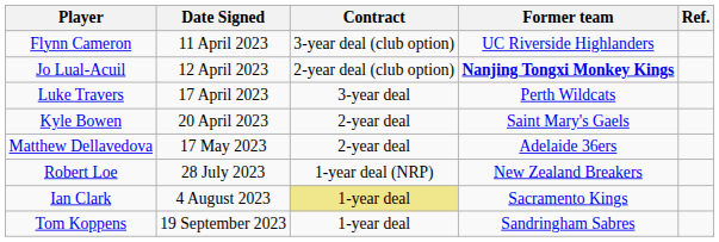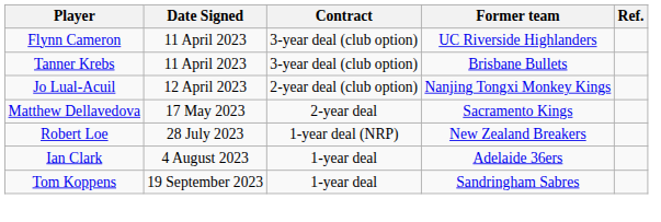 <table class="wikitable sortable sortable" style="text-align: center">
 <tr>
 <th>Player</th>
 <th>Date Signed</th>
 <th>Contract</th>
 <th>Former team</th>
 <th>Ref.</th>
 </tr>
 <tr>
 <td><a href='#'>Flynn Cameron</a></td>
 <td>11 April 2023</td>
 <td>3-year deal (club option)</td>
 <td><a href='#'>UC Riverside Highlanders</a></td>
 <td></td>
 </tr>
 <tr>
+<td><a href='#'>Tanner Krebs</a></td>
+<td>11 April 2023</td>
+<td>3-year deal (club option)</td>
+<td><a href='#'>Brisbane Bullets</a></td>
+<td></td>
+</tr>
+<tr>
 <td><a href='#'>Jo Lual-Acuil</a></td>
 <td>12 April 2023</td>
 <td>2-year deal (club option)</td>
-<td><strong><a href='#'>Nanjing Tongxi Monkey Kings</a></strong></td>
-<td></td>
-</tr>
-<tr>
-<td><a href='#'>Luke Travers</a></td>
-<td>17 April 2023</td>
-<td>3-year deal</td>
-<td><a href='#'>Perth Wildcats</a></td>
-<td></td>
-</tr>
-<tr>
-<td><a href='#'>Kyle Bowen</a></td>
-<td>20 April 2023</td>
-<td>2-year deal</td>
-<td><a href='#'>Saint Mary's Gaels</a></td>
+<td><a href='#'>Nanjing Tongxi Monkey Kings</a></td>
 <td></td>
 </tr>
 <tr>
 <td><a href='#'>Matthew Dellavedova</a></td>
 <td>17 May 2023</td>
 <td>2-year deal</td>
-<td><a href='#'>Adelaide 36ers</a></td>
+<td><a href='#'>Sacramento Kings</a></td>
 <td></td>
 </tr>
 <tr>
 <td><a href='#'>Robert Loe</a></td>
 <td>28 July 2023</td>
 <td>1-year deal (NRP)</td>
 <td><a href='#'>New Zealand Breakers</a></td>
 <td></td>
 </tr>
 <tr>
 <td><a href='#'>Ian Clark</a></td>
 <td>4 August 2023</td>
-<td style="background: khaki;">1-year deal</td>
-<td><a href='#'>Sacramento Kings</a></td>
+<td>1-year deal</td>
+<td><a href='#'>Adelaide 36ers</a></td>
 <td></td>
 </tr>
 <tr>
 <td><a href='#'>Tom Koppens</a></td>
 <td>19 September 2023</td>
 <td>1-year deal</td>
 <td><a href='#'>Sandringham Sabres</a></td>
 <td></td>
 </tr>
 </table>
